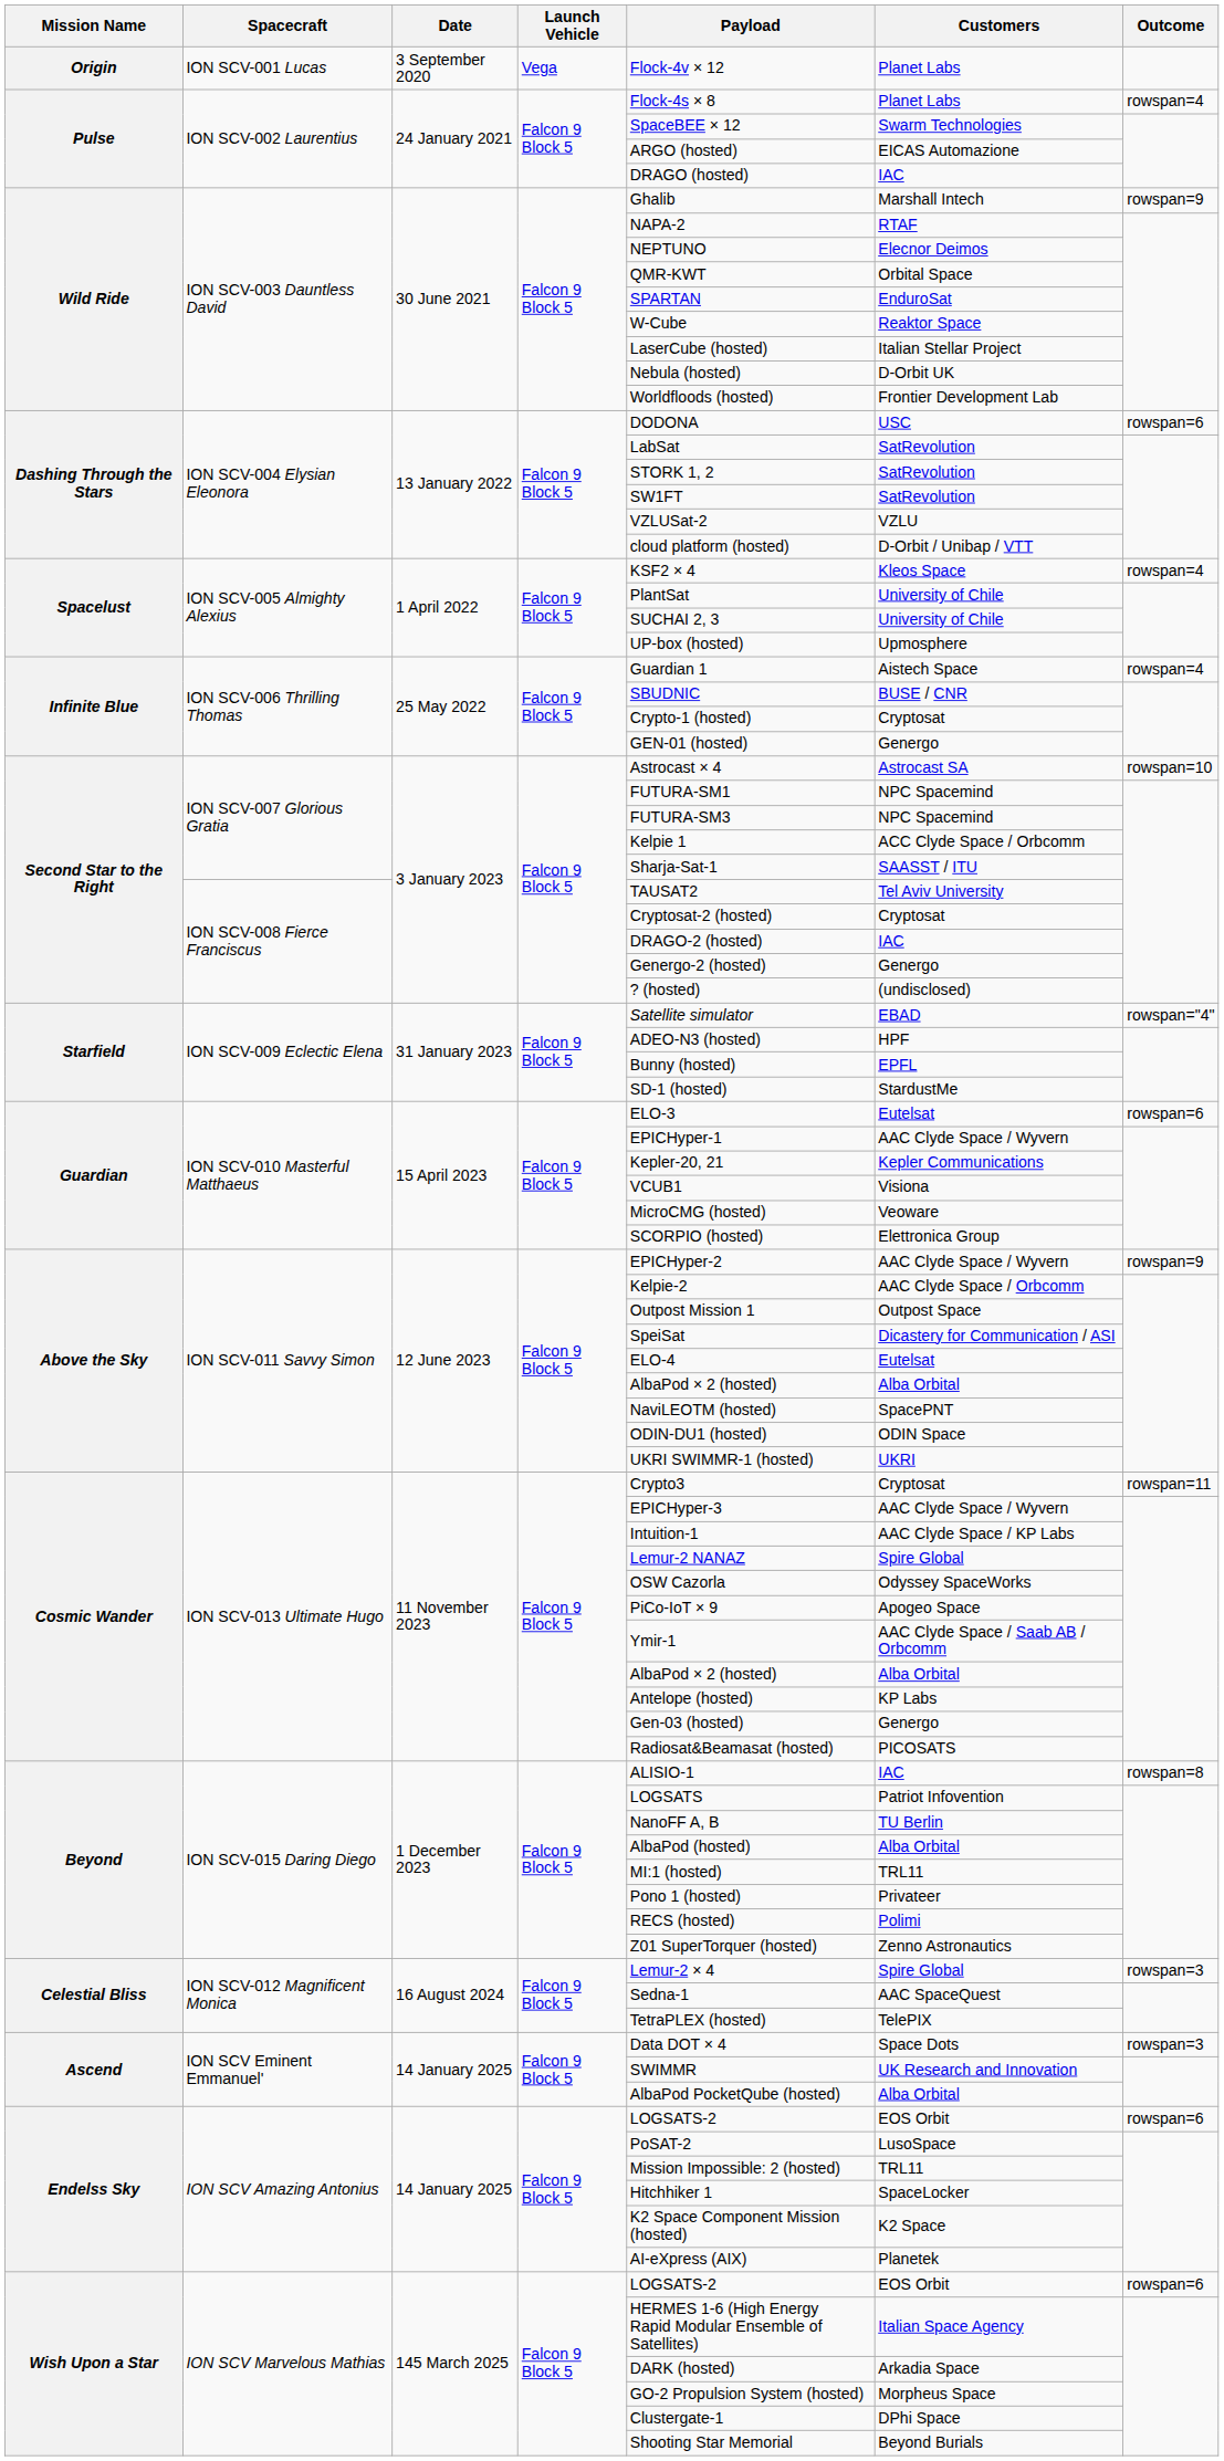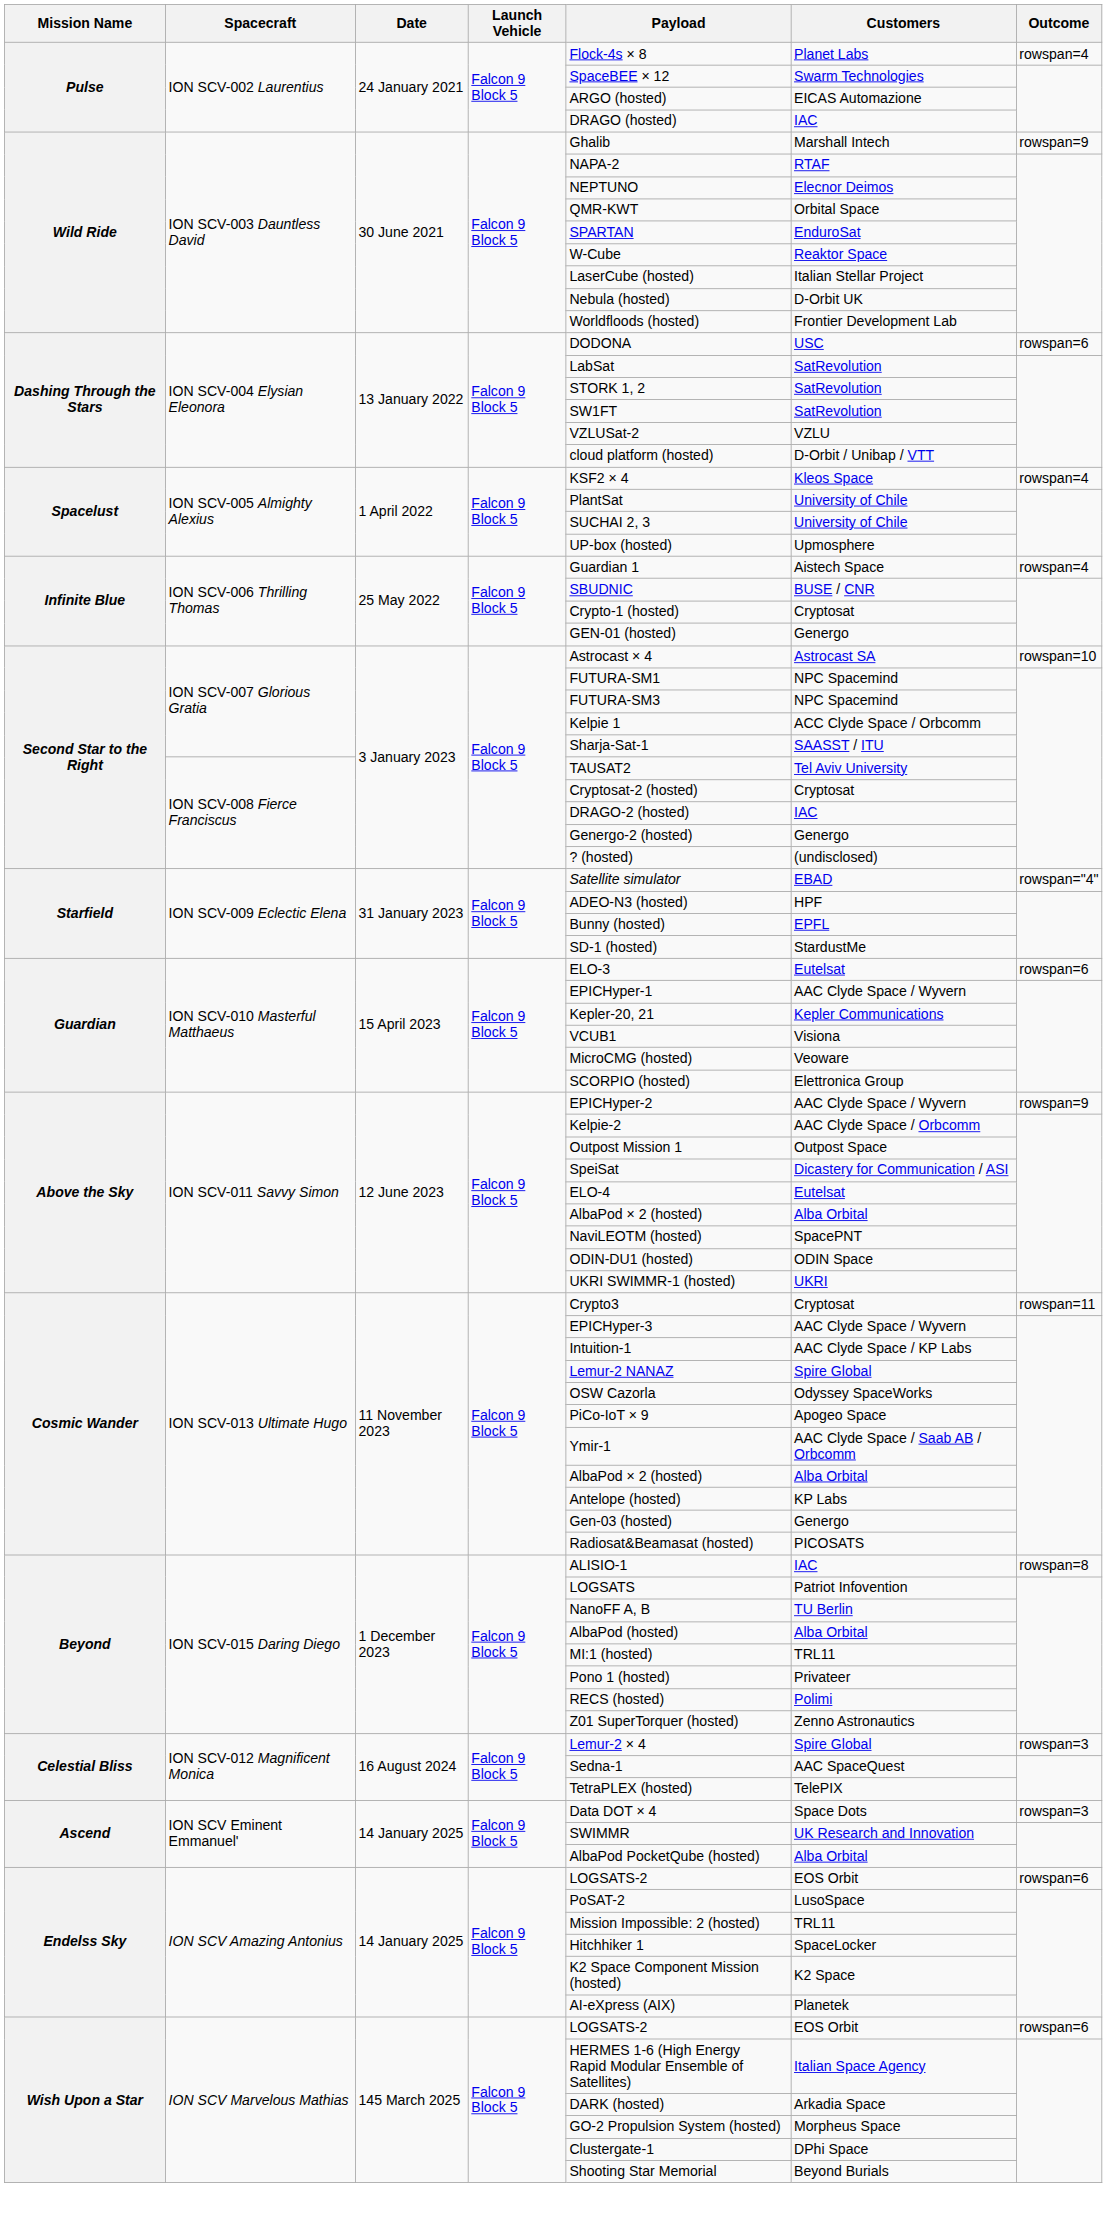 <table class="wikitable">
 <tr>
 <th>Mission Name</th>
 <th>Spacecraft</th>
 <th>Date</th>
 <th>Launch Vehicle</th>
 <th>Payload</th>
 <th>Customers</th>
 <th>Outcome</th>
-</tr>
-<tr>
-<th><em>Origin</em></th>
-<td>ION SCV-001 <em>Lucas</em></td>
-<td>3 September 2020</td>
-<td><a href='#'>Vega</a></td>
-<td> <a href='#'>Flock-4v</a> × 12</td>
-<td><a href='#'>Planet Labs</a></td>
-<td></td>
 </tr>
 <tr>
 <th rowspan=4><em>Pulse</em></th>
 <td rowspan=4>ION SCV-002 <em>Laurentius</em></td>
 <td rowspan=4>24 January 2021</td>
 <td rowspan=4><a href='#'>Falcon 9 Block 5</a></td>
 <td> <a href='#'>Flock-4s</a> × 8</td>
 <td><a href='#'>Planet Labs</a></td>
 <td>rowspan=4 </td>
 </tr>
 <tr>
 <td> <a href='#'>SpaceBEE</a> × 12</td>
 <td><a href='#'>Swarm Technologies</a></td>
 </tr>
 <tr>
 <td> ARGO (hosted)</td>
 <td>EICAS Automazione</td>
 </tr>
 <tr>
 <td> DRAGO (hosted)</td>
 <td><a href='#'>IAC</a></td>
 </tr>
 <tr>
 <th rowspan=9><em>Wild Ride</em></th>
 <td rowspan=9>ION SCV-003 <em>Dauntless David</em></td>
 <td rowspan=9>30 June 2021</td>
 <td rowspan=9><a href='#'>Falcon 9 Block 5</a></td>
 <td> Ghalib</td>
 <td>Marshall Intech</td>
 <td>rowspan=9 </td>
 </tr>
 <tr>
 <td> NAPA-2</td>
 <td><a href='#'>RTAF</a></td>
 </tr>
 <tr>
 <td> NEPTUNO</td>
 <td><a href='#'>Elecnor Deimos</a></td>
 </tr>
 <tr>
 <td> QMR-KWT</td>
 <td>Orbital Space</td>
 </tr>
 <tr>
 <td> <a href='#'>SPARTAN</a></td>
 <td><a href='#'>EnduroSat</a></td>
 </tr>
 <tr>
 <td> W-Cube</td>
 <td><a href='#'>Reaktor Space</a></td>
 </tr>
 <tr>
 <td> LaserCube (hosted)</td>
 <td>Italian Stellar Project</td>
 </tr>
 <tr>
 <td> Nebula (hosted)</td>
 <td>D-Orbit UK</td>
 </tr>
 <tr>
 <td> Worldfloods (hosted)</td>
 <td>Frontier Development Lab</td>
 </tr>
 <tr>
 <th rowspan=6><em>Dashing Through the Stars</em></th>
 <td rowspan=6>ION SCV-004 <em>Elysian Eleonora</em></td>
 <td rowspan=6>13 January 2022</td>
 <td rowspan=6><a href='#'>Falcon 9 Block 5</a></td>
 <td> DODONA</td>
 <td><a href='#'>USC</a></td>
 <td>rowspan=6 </td>
 </tr>
 <tr>
 <td> LabSat</td>
 <td><a href='#'>SatRevolution</a></td>
 </tr>
 <tr>
 <td> STORK 1, 2</td>
 <td><a href='#'>SatRevolution</a></td>
 </tr>
 <tr>
 <td> SW1FT</td>
 <td><a href='#'>SatRevolution</a></td>
 </tr>
 <tr>
 <td> VZLUSat-2</td>
 <td>VZLU</td>
 </tr>
 <tr>
 <td> cloud platform (hosted)</td>
 <td>D-Orbit / Unibap / <a href='#'>VTT</a></td>
 </tr>
 <tr>
 <th rowspan=4><em>Spacelust</em></th>
 <td rowspan=4>ION SCV-005 <em>Almighty Alexius</em></td>
 <td rowspan=4>1 April 2022</td>
 <td rowspan=4><a href='#'>Falcon 9 Block 5</a></td>
 <td> KSF2 × 4</td>
 <td><a href='#'>Kleos Space</a></td>
 <td>rowspan=4 </td>
 </tr>
 <tr>
 <td> PlantSat</td>
 <td><a href='#'>University of Chile</a></td>
 </tr>
 <tr>
 <td> SUCHAI 2, 3</td>
 <td><a href='#'>University of Chile</a></td>
 </tr>
 <tr>
 <td> UP-box (hosted)</td>
 <td>Upmosphere</td>
 </tr>
 <tr>
 <th rowspan=4><em>Infinite Blue</em></th>
 <td rowspan=4>ION SCV-006 <em>Thrilling Thomas</em></td>
 <td rowspan=4>25 May 2022</td>
 <td rowspan=4><a href='#'>Falcon 9 Block 5</a></td>
 <td> Guardian 1</td>
 <td>Aistech Space</td>
 <td>rowspan=4 </td>
 </tr>
 <tr>
 <td> <a href='#'>SBUDNIC</a></td>
 <td><a href='#'>BUSE</a> / <a href='#'>CNR</a></td>
 </tr>
 <tr>
 <td> Crypto-1 (hosted)</td>
 <td>Cryptosat</td>
 </tr>
 <tr>
 <td> GEN-01 (hosted)</td>
 <td>Genergo</td>
 </tr>
 <tr>
 <th rowspan=10><em>Second Star to the Right</em></th>
 <td rowspan=5>ION SCV-007 <em>Glorious Gratia</em></td>
 <td rowspan=10>3 January 2023</td>
 <td rowspan=10><a href='#'>Falcon 9 Block 5</a></td>
 <td> Astrocast × 4</td>
 <td><a href='#'>Astrocast SA</a></td>
 <td>rowspan=10 </td>
 </tr>
 <tr>
 <td> FUTURA-SM1</td>
 <td>NPC Spacemind</td>
 </tr>
 <tr>
 <td> FUTURA-SM3</td>
 <td>NPC Spacemind</td>
 </tr>
 <tr>
 <td> Kelpie 1</td>
 <td>ACC Clyde Space / Orbcomm</td>
 </tr>
 <tr>
 <td> Sharja-Sat-1</td>
 <td><a href='#'>SAASST</a> / <a href='#'>ITU</a></td>
 </tr>
 <tr>
 <td rowspan=5>ION SCV-008 <em>Fierce Franciscus</em></td>
 <td> TAUSAT2</td>
 <td><a href='#'>Tel Aviv University</a></td>
 </tr>
 <tr>
 <td> Cryptosat-2 (hosted)</td>
 <td>Cryptosat</td>
 </tr>
 <tr>
 <td> DRAGO-2 (hosted)</td>
 <td><a href='#'>IAC</a></td>
 </tr>
 <tr>
 <td> Genergo-2 (hosted)</td>
 <td>Genergo</td>
 </tr>
 <tr>
 <td>? (hosted)</td>
 <td>(undisclosed)</td>
 </tr>
 <tr>
 <th rowspan=4><em>Starfield</em></th>
 <td rowspan=4>ION SCV-009 <em>Eclectic Elena</em></td>
 <td rowspan=4>31 January 2023</td>
 <td rowspan=4><a href='#'>Falcon 9 Block 5</a></td>
 <td> <em>Satellite simulator</em></td>
 <td><a href='#'>EBAD</a></td>
 <td>rowspan="4" </td>
 </tr>
 <tr>
 <td> ADEO-N3 (hosted)</td>
 <td>HPF</td>
 </tr>
 <tr>
 <td> Bunny (hosted)</td>
 <td><a href='#'>EPFL</a></td>
 </tr>
 <tr>
 <td> SD-1 (hosted)</td>
 <td>StardustMe</td>
 </tr>
 <tr>
 <th rowspan=6><em>Guardian</em></th>
 <td rowspan=6>ION SCV-010 <em>Masterful Matthaeus</em></td>
 <td rowspan=6>15 April 2023</td>
 <td rowspan=6><a href='#'>Falcon 9 Block 5</a></td>
 <td> ELO-3</td>
 <td><a href='#'>Eutelsat</a></td>
 <td>rowspan=6 </td>
 </tr>
 <tr>
 <td> EPICHyper-1</td>
 <td>AAC Clyde Space / Wyvern</td>
 </tr>
 <tr>
 <td> Kepler-20, 21</td>
 <td><a href='#'>Kepler Communications</a></td>
 </tr>
 <tr>
 <td> VCUB1</td>
 <td>Visiona</td>
 </tr>
 <tr>
 <td> MicroCMG (hosted)</td>
 <td>Veoware</td>
 </tr>
 <tr>
 <td> SCORPIO (hosted)</td>
 <td>Elettronica Group</td>
 </tr>
 <tr>
 <th rowspan=9><em>Above the Sky</em></th>
 <td rowspan=9>ION SCV-011 <em>Savvy Simon</em></td>
 <td rowspan=9>12 June 2023</td>
 <td rowspan=9><a href='#'>Falcon 9 Block 5</a></td>
 <td> EPICHyper-2</td>
 <td>AAC Clyde Space / Wyvern</td>
 <td>rowspan=9 </td>
 </tr>
 <tr>
 <td> Kelpie-2</td>
 <td>AAC Clyde Space / <a href='#'>Orbcomm</a></td>
 </tr>
 <tr>
 <td> Outpost Mission 1</td>
 <td>Outpost Space</td>
 </tr>
 <tr>
 <td> SpeiSat</td>
 <td><a href='#'>Dicastery for Communication</a> / <a href='#'>ASI</a></td>
 </tr>
 <tr>
 <td> ELO-4</td>
 <td><a href='#'>Eutelsat</a></td>
 </tr>
 <tr>
 <td> AlbaPod × 2 (hosted)</td>
 <td><a href='#'>Alba Orbital</a></td>
 </tr>
 <tr>
 <td> NaviLEOTM (hosted)</td>
 <td>SpacePNT</td>
 </tr>
 <tr>
 <td> ODIN-DU1 (hosted)</td>
 <td>ODIN Space</td>
 </tr>
 <tr>
 <td> UKRI SWIMMR-1 (hosted)</td>
 <td><a href='#'>UKRI</a></td>
 </tr>
 <tr>
 <th rowspan=11><em>Cosmic Wander</em></th>
 <td rowspan=11>ION SCV-013 <em>Ultimate Hugo</em></td>
 <td rowspan=11>11 November 2023</td>
 <td rowspan=11><a href='#'>Falcon 9 Block 5</a></td>
 <td> Crypto3</td>
 <td>Cryptosat</td>
 <td>rowspan=11 </td>
 </tr>
 <tr>
 <td> EPICHyper-3</td>
 <td>AAC Clyde Space / Wyvern</td>
 </tr>
 <tr>
 <td> Intuition-1</td>
 <td>AAC Clyde Space / KP Labs</td>
 </tr>
 <tr>
 <td> <a href='#'>Lemur-2 NANAZ</a></td>
 <td><a href='#'>Spire Global</a></td>
 </tr>
 <tr>
 <td> OSW Cazorla</td>
 <td>Odyssey SpaceWorks</td>
 </tr>
 <tr>
 <td> PiCo-IoT × 9</td>
 <td>Apogeo Space</td>
 </tr>
 <tr>
 <td> Ymir-1</td>
 <td>AAC Clyde Space / <a href='#'>Saab AB</a> / <a href='#'>Orbcomm</a></td>
 </tr>
 <tr>
 <td> AlbaPod × 2 (hosted)</td>
 <td><a href='#'>Alba Orbital</a></td>
 </tr>
 <tr>
 <td> Antelope (hosted)</td>
 <td>KP Labs</td>
 </tr>
 <tr>
 <td> Gen-03 (hosted)</td>
 <td>Genergo</td>
 </tr>
 <tr>
 <td> Radiosat&Beamasat (hosted)</td>
 <td>PICOSATS</td>
 </tr>
 <tr>
 <th rowspan=8><em>Beyond</em></th>
 <td rowspan=8>ION SCV-015 <em>Daring Diego</em></td>
 <td rowspan=8>1 December 2023</td>
 <td rowspan=8><a href='#'>Falcon 9 Block 5</a></td>
 <td> ALISIO-1</td>
 <td><a href='#'>IAC</a></td>
 <td>rowspan=8 </td>
 </tr>
 <tr>
 <td> LOGSATS</td>
 <td>Patriot Infovention</td>
 </tr>
 <tr>
 <td> NanoFF A, B</td>
 <td><a href='#'>TU Berlin</a></td>
 </tr>
 <tr>
 <td> AlbaPod (hosted)</td>
 <td><a href='#'>Alba Orbital</a></td>
 </tr>
 <tr>
 <td> MI:1 (hosted)</td>
 <td>TRL11</td>
 </tr>
 <tr>
 <td> Pono 1 (hosted)</td>
 <td>Privateer</td>
 </tr>
 <tr>
 <td> RECS (hosted)</td>
 <td><a href='#'>Polimi</a></td>
 </tr>
 <tr>
 <td> Z01 SuperTorquer (hosted)</td>
 <td>Zenno Astronautics</td>
 </tr>
 <tr>
 <th rowspan=3><em>Celestial Bliss</em></th>
 <td rowspan=3>ION SCV-012 <em>Magnificent Monica</em></td>
 <td rowspan=3>16 August 2024</td>
 <td rowspan=3><a href='#'>Falcon 9 Block 5</a></td>
 <td> <a href='#'>Lemur-2</a> × 4</td>
 <td><a href='#'>Spire Global</a></td>
 <td>rowspan=3 </td>
 </tr>
 <tr>
 <td> Sedna-1</td>
 <td>AAC SpaceQuest</td>
 </tr>
 <tr>
 <td> TetraPLEX (hosted)</td>
 <td>TelePIX</td>
 </tr>
 <tr>
 <th rowspan=3><em>Ascend</em></th>
 <td rowspan=3>ION SCV Eminent Emmanuel'</td>
 <td rowspan=3>14 January 2025</td>
 <td rowspan=3><a href='#'>Falcon 9 Block 5</a></td>
 <td> Data DOT × 4</td>
 <td>Space Dots</td>
 <td>rowspan=3 </td>
 </tr>
 <tr>
 <td> SWIMMR</td>
 <td><a href='#'>UK Research and Innovation</a></td>
 </tr>
 <tr>
 <td> AlbaPod PocketQube (hosted)</td>
 <td><a href='#'>Alba Orbital</a></td>
 </tr>
 <tr>
 <th rowspan=6><em>Endelss Sky</em></th>
 <td rowspan=6><em>ION SCV Amazing Antonius</em></td>
 <td rowspan=6>14 January 2025</td>
 <td rowspan=6><a href='#'>Falcon 9 Block 5</a></td>
 <td>  LOGSATS-2</td>
 <td>EOS Orbit</td>
 <td>rowspan=6 </td>
 </tr>
 <tr>
 <td> PoSAT-2</td>
 <td>LusoSpace</td>
 </tr>
 <tr>
 <td> Mission Impossible: 2 (hosted)</td>
 <td>TRL11</td>
 </tr>
 <tr>
 <td> Hitchhiker 1</td>
 <td>SpaceLocker</td>
 </tr>
 <tr>
 <td> K2 Space Component Mission (hosted)</td>
 <td>K2 Space</td>
 </tr>
 <tr>
 <td> AI-eXpress (AIX)</td>
 <td>Planetek</td>
 </tr>
 <tr>
 <th rowspan=6><em>Wish Upon a Star</em></th>
 <td rowspan=6><em>ION SCV Marvelous Mathias</em></td>
 <td rowspan=6>145 March 2025</td>
 <td rowspan=6><a href='#'>Falcon 9 Block 5</a></td>
 <td>  LOGSATS-2</td>
 <td>EOS Orbit</td>
 <td>rowspan=6 </td>
 </tr>
 <tr>
 <td> HERMES 1-6 (High Energy<br>Rapid Modular Ensemble of Satellites)</td>
 <td><a href='#'>Italian Space Agency</a></td>
 </tr>
 <tr>
 <td> DARK (hosted)</td>
 <td>Arkadia Space</td>
 </tr>
 <tr>
 <td> GO-2 Propulsion System (hosted)</td>
 <td>Morpheus Space</td>
 </tr>
 <tr>
 <td> Clustergate-1</td>
 <td>DPhi Space</td>
 </tr>
 <tr>
 <td> Shooting Star Memorial</td>
 <td>Beyond Burials</td>
 </tr>
 </table>
